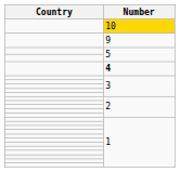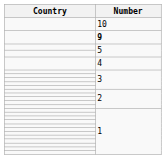 <table class="wikitable sortable outercollapse" style="margin: 1em auto 1em auto">
 <tr>
 <th width="140">Country</th>
 <th width="100">Number</th>
 </tr>
 <tr>
 <td></td>
-<td rowspan="1" style="background: gold;">10</td>
+<td rowspan="1">10</td>
 </tr>
 <tr>
 <td></td>
-<td rowspan="1">9</td>
+<td rowspan="1"><strong>9</strong></td>
 </tr>
 <tr>
 <td></td>
 <td rowspan="2">5</td>
 </tr>
 <tr>
 <td></td>
 </tr>
 <tr>
 <td></td>
-<td><strong>4</strong></td>
+<td>4</td>
 </tr>
 <tr>
 <td></td>
 <td rowspan="5">3</td>
 </tr>
 <tr>
 <td></td>
 </tr>
 <tr>
 <td></td>
 </tr>
 <tr>
 <td></td>
 </tr>
 <tr>
 <td></td>
 </tr>
 <tr>
 <td></td>
 <td rowspan="5">2</td>
 </tr>
 <tr>
 <td></td>
 </tr>
 <tr>
 <td></td>
 </tr>
 <tr>
 <td></td>
 </tr>
 <tr>
 <td></td>
 </tr>
 <tr>
 <td></td>
 <td rowspan="12">1</td>
 </tr>
 <tr>
 <td></td>
 </tr>
 <tr>
 <td></td>
 </tr>
 <tr>
 <td></td>
 </tr>
 <tr>
 <td></td>
 </tr>
 <tr>
 <td></td>
 </tr>
 <tr>
 <td></td>
 </tr>
 <tr>
 <td></td>
 </tr>
 <tr>
 <td></td>
 </tr>
 <tr>
 <td></td>
 </tr>
 <tr>
 <td></td>
 </tr>
 <tr>
 <td></td>
 </tr>
 </table>
